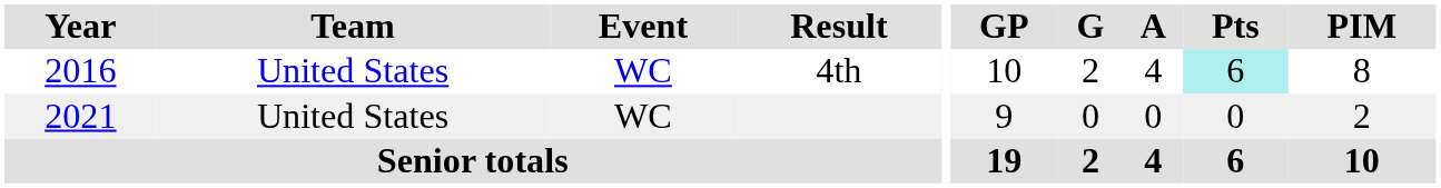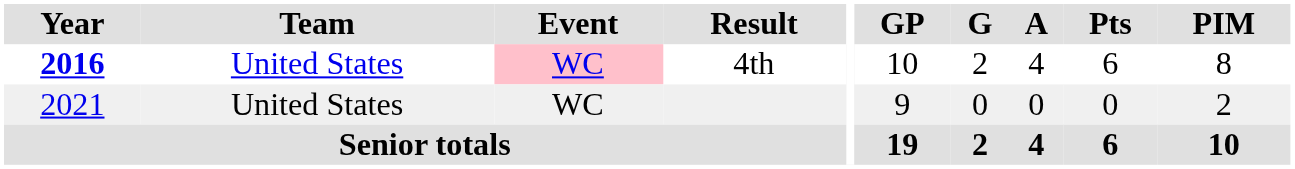 <table border="0" cellpadding="1" cellspacing="0" ID="Table3" style="text-align:center; width:40em">
 <tr ALIGN="center" bgcolor="#e0e0e0">
 <th>Year</th>
 <th>Team</th>
 <th>Event</th>
 <th>Result</th>
 <th rowspan="99" bgcolor="#ffffff"></th>
 <th>GP</th>
 <th>G</th>
 <th>A</th>
 <th>Pts</th>
 <th>PIM</th>
 </tr>
 <tr>
-<td><a href='#'>2016</a></td>
+<td><strong><a href='#'>2016</a></strong></td>
 <td><a href='#'>United States</a></td>
-<td><a href='#'>WC</a></td>
+<td style="background: pink;"><a href='#'>WC</a></td>
 <td>4th</td>
 <td>10</td>
 <td>2</td>
 <td>4</td>
-<td style="background: paleturquoise;">6</td>
+<td>6</td>
 <td>8</td>
 </tr>
 <tr bgcolor="#f0f0f0">
 <td><a href='#'>2021</a></td>
 <td>United States</td>
 <td>WC</td>
 <td></td>
 <td>9</td>
 <td>0</td>
 <td>0</td>
 <td>0</td>
 <td>2</td>
 </tr>
 <tr bgcolor="#e0e0e0">
 <th colspan="4">Senior totals</th>
 <th>19</th>
 <th>2</th>
 <th>4</th>
 <th>6</th>
 <th>10</th>
 </tr>
 </table>
